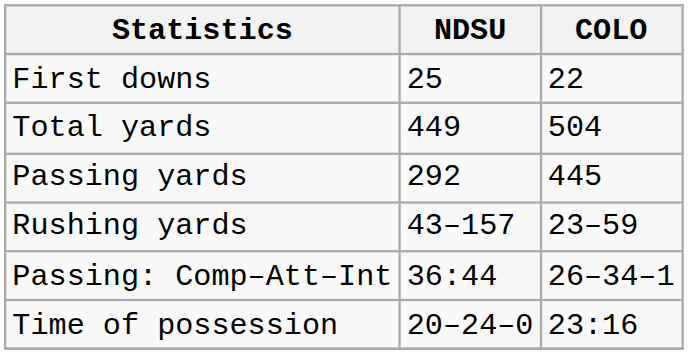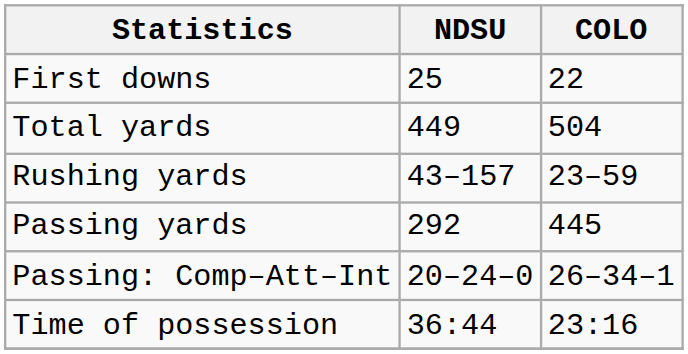 <table class="wikitable" style="float: left;">
 <tr>
 <th>Statistics</th>
 <th>NDSU</th>
 <th>COLO</th>
 </tr>
 <tr>
 <td>First downs</td>
 <td>25</td>
 <td>22</td>
 </tr>
 <tr>
 <td>Total yards</td>
 <td>449</td>
 <td>504</td>
 </tr>
 <tr>
+<td>Rushing yards</td>
+<td>43–157</td>
+<td>23–59</td>
+</tr>
+<tr>
 <td>Passing yards</td>
 <td>292</td>
 <td>445</td>
 </tr>
 <tr>
-<td>Rushing yards</td>
-<td>43–157</td>
-<td>23–59</td>
-</tr>
-<tr>
 <td>Passing: Comp–Att–Int</td>
-<td>36:44</td>
+<td>20–24–0</td>
 <td>26–34–1</td>
 </tr>
 <tr>
 <td>Time of possession</td>
-<td>20–24–0</td>
+<td>36:44</td>
 <td>23:16</td>
 </tr>
 <tr>
 </tr>
 </table>
